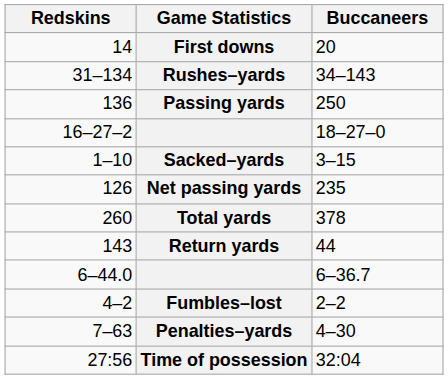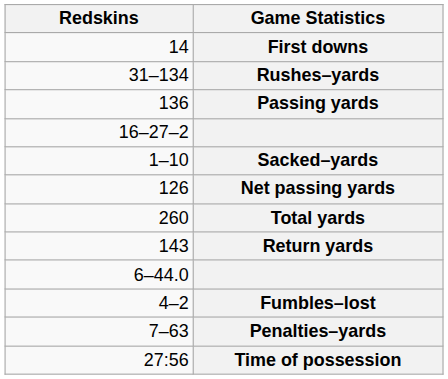 <table class="wikitable" style="margin: 1em auto 1em auto">
 <tr>
 <th style="width:30%;">Redskins</th>
 <th style="width:40%;">Game Statistics</th>
-<th style="width:30%;">Buccaneers</th>
 </tr>
 <tr>
 <td style="text-align:right;">14</td>
 <th>First downs</th>
-<td>20</td>
 </tr>
 <tr>
 <td style="text-align:right;">31–134</td>
 <th>Rushes–yards</th>
-<td>34–143</td>
 </tr>
 <tr>
 <td style="text-align:right;">136</td>
 <th>Passing yards</th>
-<td>250</td>
 </tr>
 <tr>
 <td style="text-align:right;">16–27–2</td>
 <th></th>
-<td>18–27–0</td>
 </tr>
 <tr>
 <td style="text-align:right;">1–10</td>
 <th>Sacked–yards</th>
-<td>3–15</td>
 </tr>
 <tr>
 <td style="text-align:right;">126</td>
 <th>Net passing yards</th>
-<td>235</td>
 </tr>
 <tr>
 <td style="text-align:right;">260</td>
 <th>Total yards</th>
-<td>378</td>
 </tr>
 <tr>
 <td style="text-align:right;">143</td>
 <th>Return yards</th>
-<td>44</td>
 </tr>
 <tr>
 <td style="text-align:right;">6–44.0</td>
 <th></th>
-<td>6–36.7</td>
 </tr>
 <tr>
 <td style="text-align:right;">4–2</td>
 <th>Fumbles–lost</th>
-<td>2–2</td>
 </tr>
 <tr>
 <td style="text-align:right;">7–63</td>
 <th>Penalties–yards</th>
-<td>4–30</td>
 </tr>
 <tr>
 <td style="text-align:right;">27:56</td>
 <th>Time of possession</th>
-<td>32:04</td>
 </tr>
 </table>
